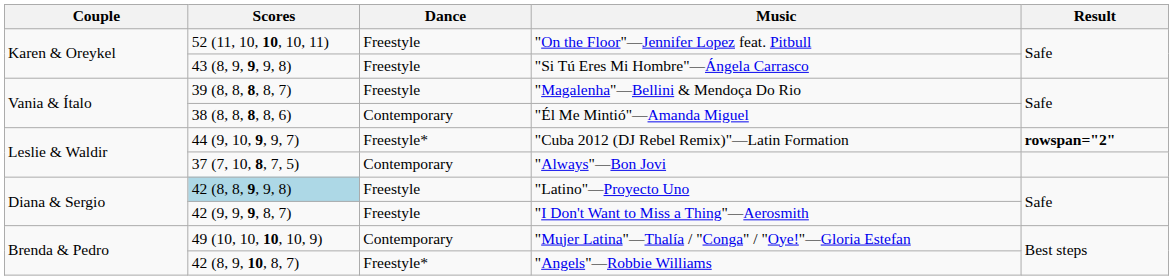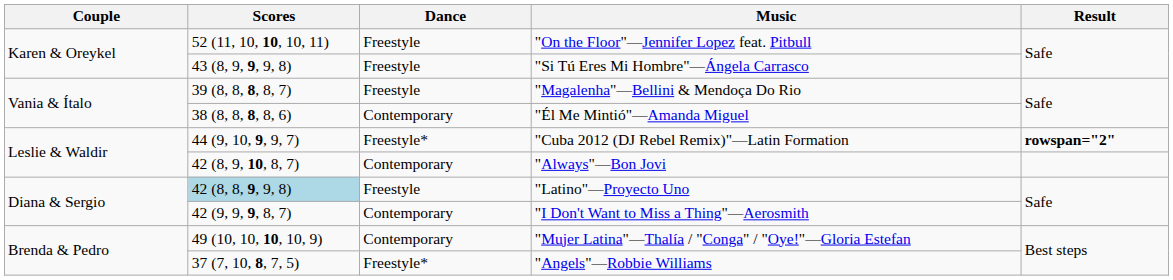 <table class="wikitable sortable" style="width:95%; white-space:nowrap;">
 <tr>
 <th style="width:15%;">Couple</th>
 <th style="width:14%;">Scores</th>
 <th style="width:14%;">Dance</th>
 <th style="width:40%;">Music</th>
 <th style="width:12%;">Result</th>
 </tr>
 <tr>
 <td rowspan="2">Karen & Oreykel</td>
 <td>52 (11, 10, <strong>10</strong>, 10, 11)</td>
 <td>Freestyle</td>
 <td>"<a href='#'>On the Floor</a>"—<a href='#'>Jennifer Lopez</a> feat. <a href='#'>Pitbull</a></td>
 <td rowspan="2">Safe</td>
 </tr>
 <tr>
 <td>43 (8, 9, <strong>9</strong>, 9, 8)</td>
 <td>Freestyle</td>
 <td>"Si Tú Eres Mi Hombre"—<a href='#'>Ángela Carrasco</a></td>
 </tr>
 <tr>
 <td rowspan="2">Vania & Ítalo</td>
 <td>39 (8, 8, <strong>8</strong>, 8, 7)</td>
 <td>Freestyle</td>
 <td>"<a href='#'>Magalenha</a>"—<a href='#'>Bellini</a> & Mendoça Do Rio</td>
 <td rowspan="2">Safe</td>
 </tr>
 <tr>
 <td>38 (8, 8, <strong>8</strong>, 8, 6)</td>
 <td>Contemporary</td>
 <td>"Él Me Mintió"—<a href='#'>Amanda Miguel</a></td>
 </tr>
 <tr>
 <td rowspan="2">Leslie & Waldir</td>
 <td>44 (9, 10, <strong>9</strong>, 9, 7)</td>
 <td>Freestyle*</td>
 <td>"Cuba 2012 (DJ Rebel Remix)"—Latin Formation</td>
 <td><strong>rowspan="2" </strong></td>
 </tr>
 <tr>
-<td>37 (7, 10, <strong>8</strong>, 7, 5)</td>
+<td>42 (8, 9, <strong>10</strong>, 8, 7)</td>
 <td>Contemporary</td>
 <td>"<a href='#'>Always</a>"—<a href='#'>Bon Jovi</a></td>
 </tr>
 <tr>
 <td rowspan="2">Diana & Sergio</td>
 <td style="background: lightblue;">42 (8, 8, <strong>9</strong>, 9, 8)</td>
 <td>Freestyle</td>
 <td>"Latino"—<a href='#'>Proyecto Uno</a></td>
 <td rowspan="2">Safe</td>
 </tr>
 <tr>
 <td>42 (9, 9, <strong>9</strong>, 8, 7)</td>
-<td>Freestyle</td>
+<td>Contemporary</td>
 <td>"<a href='#'>I Don't Want to Miss a Thing</a>"—<a href='#'>Aerosmith</a></td>
 </tr>
 <tr>
 <td rowspan="2">Brenda & Pedro</td>
 <td>49 (10, 10, <strong>10</strong>, 10, 9)</td>
 <td>Contemporary</td>
 <td>"<a href='#'>Mujer Latina</a>"—<a href='#'>Thalía</a> / "<a href='#'>Conga</a>" / "<a href='#'>Oye!</a>"—<a href='#'>Gloria Estefan</a></td>
 <td rowspan="2">Best steps</td>
 </tr>
 <tr>
-<td>42 (8, 9, <strong>10</strong>, 8, 7)</td>
+<td>37 (7, 10, <strong>8</strong>, 7, 5)</td>
 <td>Freestyle*</td>
 <td>"<a href='#'>Angels</a>"—<a href='#'>Robbie Williams</a></td>
 </tr>
 </table>
